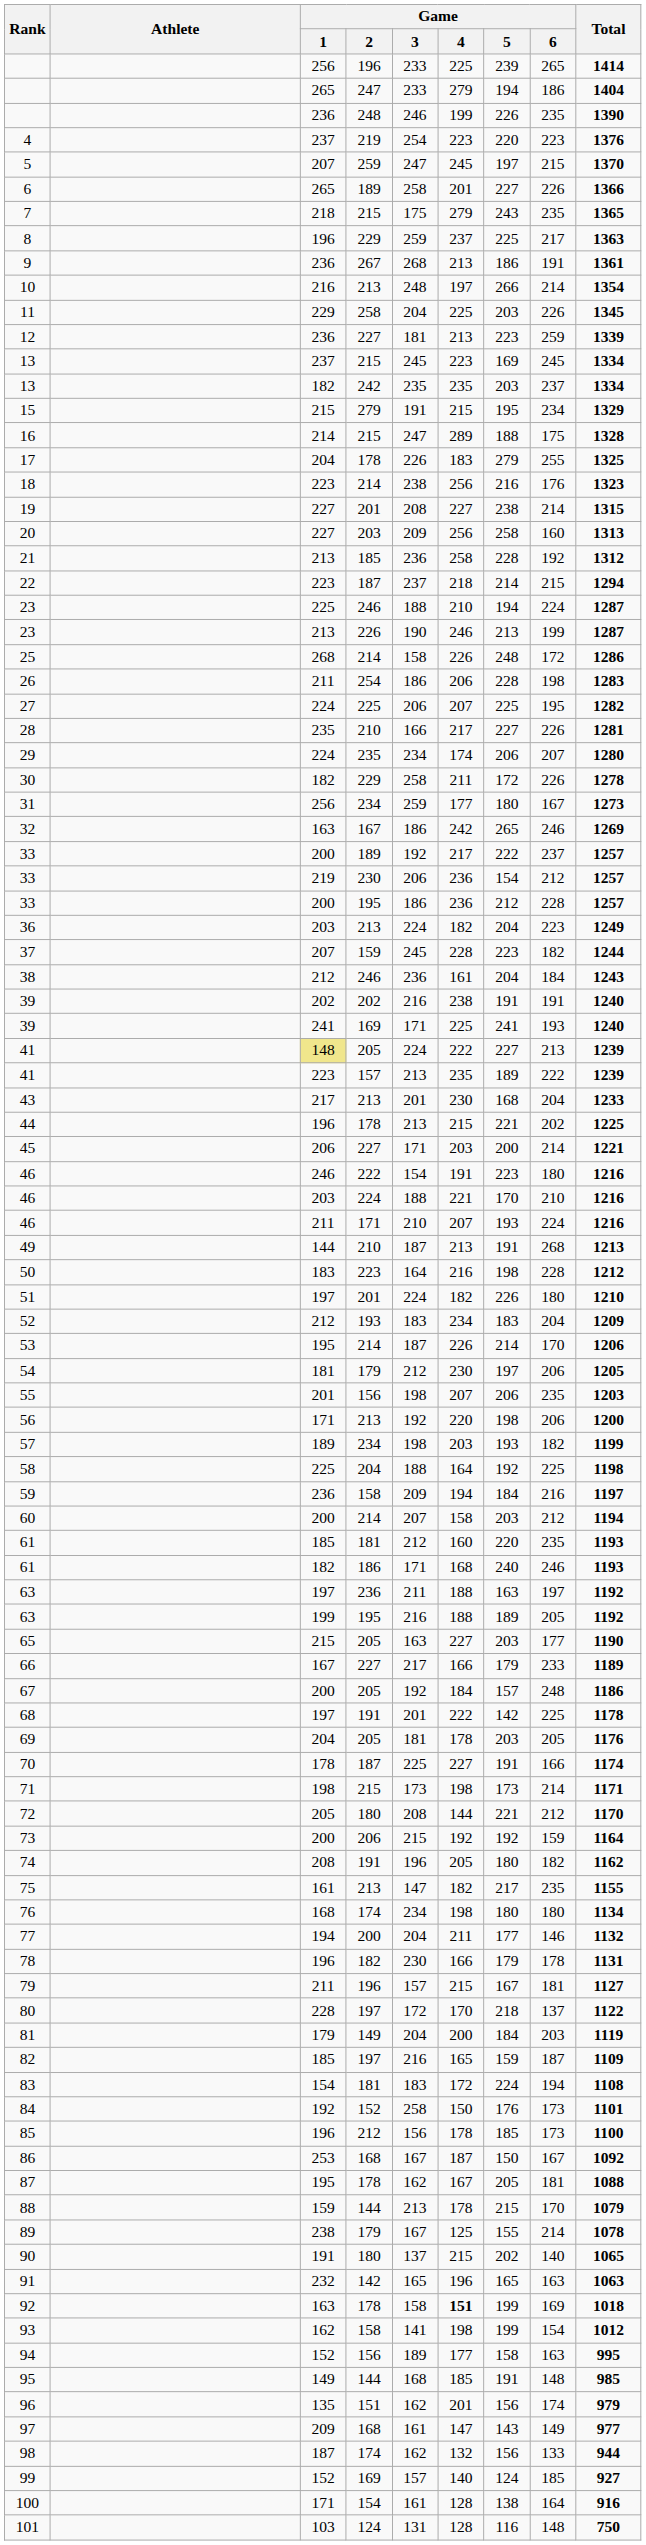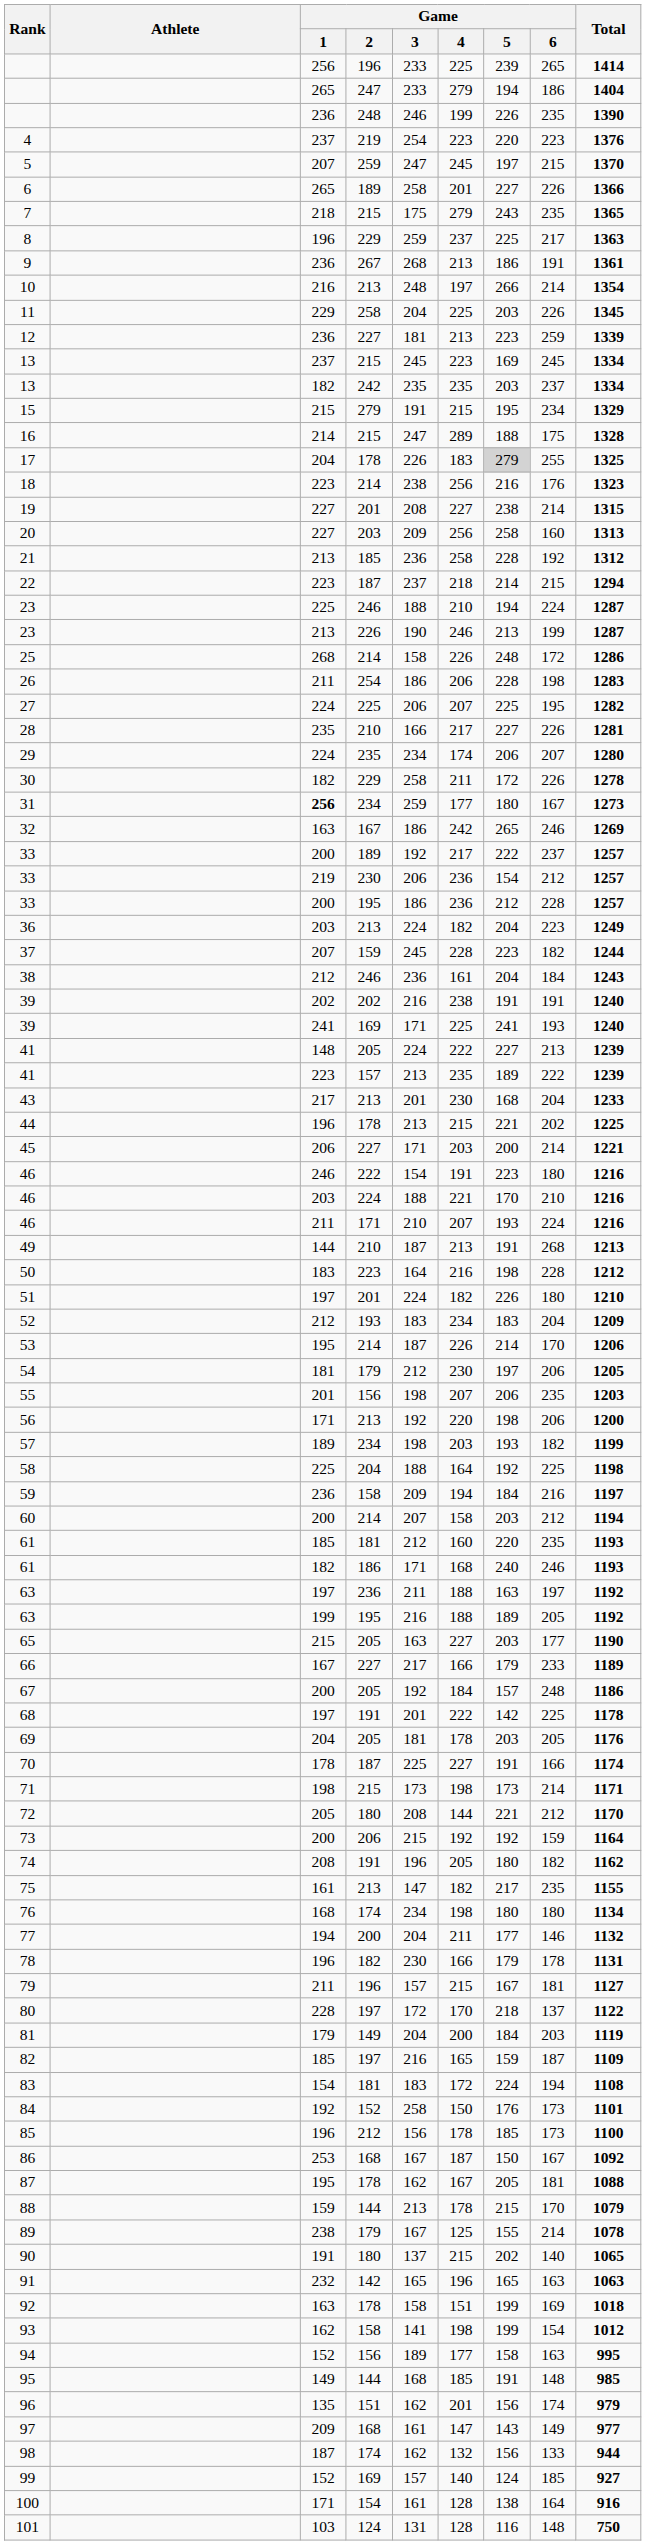 <table class=wikitable style="text-align:center">
 <tr>
 <th rowspan="2" width=40>Rank</th>
 <th rowspan="2" width=250>Athlete</th>
 <th colspan="6">Game</th>
 <th rowspan="2" width=60>Total</th>
 </tr>
 <tr>
 <th width=40>1</th>
 <th width=40>2</th>
 <th width=40>3</th>
 <th width=40>4</th>
 <th width=40>5</th>
 <th width=40>6</th>
 </tr>
 <tr>
 <td></td>
 <td align=left></td>
 <td>256</td>
 <td>196</td>
 <td>233</td>
 <td>225</td>
 <td>239</td>
 <td>265</td>
 <td><strong>1414</strong></td>
 </tr>
 <tr>
 <td></td>
 <td align=left></td>
 <td>265</td>
 <td>247</td>
 <td>233</td>
 <td>279</td>
 <td>194</td>
 <td>186</td>
 <td><strong>1404</strong></td>
 </tr>
 <tr>
 <td></td>
 <td align=left></td>
 <td>236</td>
 <td>248</td>
 <td>246</td>
 <td>199</td>
 <td>226</td>
 <td>235</td>
 <td><strong>1390</strong></td>
 </tr>
 <tr>
 <td>4</td>
 <td align=left></td>
 <td>237</td>
 <td>219</td>
 <td>254</td>
 <td>223</td>
 <td>220</td>
 <td>223</td>
 <td><strong>1376</strong></td>
 </tr>
 <tr>
 <td>5</td>
 <td align=left></td>
 <td>207</td>
 <td>259</td>
 <td>247</td>
 <td>245</td>
 <td>197</td>
 <td>215</td>
 <td><strong>1370</strong></td>
 </tr>
 <tr>
 <td>6</td>
 <td align=left></td>
 <td>265</td>
 <td>189</td>
 <td>258</td>
 <td>201</td>
 <td>227</td>
 <td>226</td>
 <td><strong>1366</strong></td>
 </tr>
 <tr>
 <td>7</td>
 <td align=left></td>
 <td>218</td>
 <td>215</td>
 <td>175</td>
 <td>279</td>
 <td>243</td>
 <td>235</td>
 <td><strong>1365</strong></td>
 </tr>
 <tr>
 <td>8</td>
 <td align=left></td>
 <td>196</td>
 <td>229</td>
 <td>259</td>
 <td>237</td>
 <td>225</td>
 <td>217</td>
 <td><strong>1363</strong></td>
 </tr>
 <tr>
 <td>9</td>
 <td align=left></td>
 <td>236</td>
 <td>267</td>
 <td>268</td>
 <td>213</td>
 <td>186</td>
 <td>191</td>
 <td><strong>1361</strong></td>
 </tr>
 <tr>
 <td>10</td>
 <td align=left></td>
 <td>216</td>
 <td>213</td>
 <td>248</td>
 <td>197</td>
 <td>266</td>
 <td>214</td>
 <td><strong>1354</strong></td>
 </tr>
 <tr>
 <td>11</td>
 <td align=left></td>
 <td>229</td>
 <td>258</td>
 <td>204</td>
 <td>225</td>
 <td>203</td>
 <td>226</td>
 <td><strong>1345</strong></td>
 </tr>
 <tr>
 <td>12</td>
 <td align=left></td>
 <td>236</td>
 <td>227</td>
 <td>181</td>
 <td>213</td>
 <td>223</td>
 <td>259</td>
 <td><strong>1339</strong></td>
 </tr>
 <tr>
 <td>13</td>
 <td align=left></td>
 <td>237</td>
 <td>215</td>
 <td>245</td>
 <td>223</td>
 <td>169</td>
 <td>245</td>
 <td><strong>1334</strong></td>
 </tr>
 <tr>
 <td>13</td>
 <td align=left></td>
 <td>182</td>
 <td>242</td>
 <td>235</td>
 <td>235</td>
 <td>203</td>
 <td>237</td>
 <td><strong>1334</strong></td>
 </tr>
 <tr>
 <td>15</td>
 <td align=left></td>
 <td>215</td>
 <td>279</td>
 <td>191</td>
 <td>215</td>
 <td>195</td>
 <td>234</td>
 <td><strong>1329</strong></td>
 </tr>
 <tr>
 <td>16</td>
 <td align=left></td>
 <td>214</td>
 <td>215</td>
 <td>247</td>
 <td>289</td>
 <td>188</td>
 <td>175</td>
 <td><strong>1328</strong></td>
 </tr>
 <tr>
 <td>17</td>
 <td align=left></td>
 <td>204</td>
 <td>178</td>
 <td>226</td>
 <td>183</td>
-<td>279</td>
+<td style="background: lightgrey;">279</td>
 <td>255</td>
 <td><strong>1325</strong></td>
 </tr>
 <tr>
 <td>18</td>
 <td align=left></td>
 <td>223</td>
 <td>214</td>
 <td>238</td>
 <td>256</td>
 <td>216</td>
 <td>176</td>
 <td><strong>1323</strong></td>
 </tr>
 <tr>
 <td>19</td>
 <td align=left></td>
 <td>227</td>
 <td>201</td>
 <td>208</td>
 <td>227</td>
 <td>238</td>
 <td>214</td>
 <td><strong>1315</strong></td>
 </tr>
 <tr>
 <td>20</td>
 <td align=left></td>
 <td>227</td>
 <td>203</td>
 <td>209</td>
 <td>256</td>
 <td>258</td>
 <td>160</td>
 <td><strong>1313</strong></td>
 </tr>
 <tr>
 <td>21</td>
 <td align=left></td>
 <td>213</td>
 <td>185</td>
 <td>236</td>
 <td>258</td>
 <td>228</td>
 <td>192</td>
 <td><strong>1312</strong></td>
 </tr>
 <tr>
 <td>22</td>
 <td align=left></td>
 <td>223</td>
 <td>187</td>
 <td>237</td>
 <td>218</td>
 <td>214</td>
 <td>215</td>
 <td><strong>1294</strong></td>
 </tr>
 <tr>
 <td>23</td>
 <td align=left></td>
 <td>225</td>
 <td>246</td>
 <td>188</td>
 <td>210</td>
 <td>194</td>
 <td>224</td>
 <td><strong>1287</strong></td>
 </tr>
 <tr>
 <td>23</td>
 <td align=left></td>
 <td>213</td>
 <td>226</td>
 <td>190</td>
 <td>246</td>
 <td>213</td>
 <td>199</td>
 <td><strong>1287</strong></td>
 </tr>
 <tr>
 <td>25</td>
 <td align=left></td>
 <td>268</td>
 <td>214</td>
 <td>158</td>
 <td>226</td>
 <td>248</td>
 <td>172</td>
 <td><strong>1286</strong></td>
 </tr>
 <tr>
 <td>26</td>
 <td align=left></td>
 <td>211</td>
 <td>254</td>
 <td>186</td>
 <td>206</td>
 <td>228</td>
 <td>198</td>
 <td><strong>1283</strong></td>
 </tr>
 <tr>
 <td>27</td>
 <td align=left></td>
 <td>224</td>
 <td>225</td>
 <td>206</td>
 <td>207</td>
 <td>225</td>
 <td>195</td>
 <td><strong>1282</strong></td>
 </tr>
 <tr>
 <td>28</td>
 <td align=left></td>
 <td>235</td>
 <td>210</td>
 <td>166</td>
 <td>217</td>
 <td>227</td>
 <td>226</td>
 <td><strong>1281</strong></td>
 </tr>
 <tr>
 <td>29</td>
 <td align=left></td>
 <td>224</td>
 <td>235</td>
 <td>234</td>
 <td>174</td>
 <td>206</td>
 <td>207</td>
 <td><strong>1280</strong></td>
 </tr>
 <tr>
 <td>30</td>
 <td align=left></td>
 <td>182</td>
 <td>229</td>
 <td>258</td>
 <td>211</td>
 <td>172</td>
 <td>226</td>
 <td><strong>1278</strong></td>
 </tr>
 <tr>
 <td>31</td>
 <td align=left></td>
-<td>256</td>
+<td><strong>256</strong></td>
 <td>234</td>
 <td>259</td>
 <td>177</td>
 <td>180</td>
 <td>167</td>
 <td><strong>1273</strong></td>
 </tr>
 <tr>
 <td>32</td>
 <td align=left></td>
 <td>163</td>
 <td>167</td>
 <td>186</td>
 <td>242</td>
 <td>265</td>
 <td>246</td>
 <td><strong>1269</strong></td>
 </tr>
 <tr>
 <td>33</td>
 <td align=left></td>
 <td>200</td>
 <td>189</td>
 <td>192</td>
 <td>217</td>
 <td>222</td>
 <td>237</td>
 <td><strong>1257</strong></td>
 </tr>
 <tr>
 <td>33</td>
 <td align=left></td>
 <td>219</td>
 <td>230</td>
 <td>206</td>
 <td>236</td>
 <td>154</td>
 <td>212</td>
 <td><strong>1257</strong></td>
 </tr>
 <tr>
 <td>33</td>
 <td align=left></td>
 <td>200</td>
 <td>195</td>
 <td>186</td>
 <td>236</td>
 <td>212</td>
 <td>228</td>
 <td><strong>1257</strong></td>
 </tr>
 <tr>
 <td>36</td>
 <td align=left></td>
 <td>203</td>
 <td>213</td>
 <td>224</td>
 <td>182</td>
 <td>204</td>
 <td>223</td>
 <td><strong>1249</strong></td>
 </tr>
 <tr>
 <td>37</td>
 <td align=left></td>
 <td>207</td>
 <td>159</td>
 <td>245</td>
 <td>228</td>
 <td>223</td>
 <td>182</td>
 <td><strong>1244</strong></td>
 </tr>
 <tr>
 <td>38</td>
 <td align=left></td>
 <td>212</td>
 <td>246</td>
 <td>236</td>
 <td>161</td>
 <td>204</td>
 <td>184</td>
 <td><strong>1243</strong></td>
 </tr>
 <tr>
 <td>39</td>
 <td align=left></td>
 <td>202</td>
 <td>202</td>
 <td>216</td>
 <td>238</td>
 <td>191</td>
 <td>191</td>
 <td><strong>1240</strong></td>
 </tr>
 <tr>
 <td>39</td>
 <td align=left></td>
 <td>241</td>
 <td>169</td>
 <td>171</td>
 <td>225</td>
 <td>241</td>
 <td>193</td>
 <td><strong>1240</strong></td>
 </tr>
 <tr>
 <td>41</td>
 <td align=left></td>
-<td style="background: khaki;">148</td>
+<td>148</td>
 <td>205</td>
 <td>224</td>
 <td>222</td>
 <td>227</td>
 <td>213</td>
 <td><strong>1239</strong></td>
 </tr>
 <tr>
 <td>41</td>
 <td align=left></td>
 <td>223</td>
 <td>157</td>
 <td>213</td>
 <td>235</td>
 <td>189</td>
 <td>222</td>
 <td><strong>1239</strong></td>
 </tr>
 <tr>
 <td>43</td>
 <td align=left></td>
 <td>217</td>
 <td>213</td>
 <td>201</td>
 <td>230</td>
 <td>168</td>
 <td>204</td>
 <td><strong>1233</strong></td>
 </tr>
 <tr>
 <td>44</td>
 <td align=left></td>
 <td>196</td>
 <td>178</td>
 <td>213</td>
 <td>215</td>
 <td>221</td>
 <td>202</td>
 <td><strong>1225</strong></td>
 </tr>
 <tr>
 <td>45</td>
 <td align=left></td>
 <td>206</td>
 <td>227</td>
 <td>171</td>
 <td>203</td>
 <td>200</td>
 <td>214</td>
 <td><strong>1221</strong></td>
 </tr>
 <tr>
 <td>46</td>
 <td align=left></td>
 <td>246</td>
 <td>222</td>
 <td>154</td>
 <td>191</td>
 <td>223</td>
 <td>180</td>
 <td><strong>1216</strong></td>
 </tr>
 <tr>
 <td>46</td>
 <td align=left></td>
 <td>203</td>
 <td>224</td>
 <td>188</td>
 <td>221</td>
 <td>170</td>
 <td>210</td>
 <td><strong>1216</strong></td>
 </tr>
 <tr>
 <td>46</td>
 <td align=left></td>
 <td>211</td>
 <td>171</td>
 <td>210</td>
 <td>207</td>
 <td>193</td>
 <td>224</td>
 <td><strong>1216</strong></td>
 </tr>
 <tr>
 <td>49</td>
 <td align=left></td>
 <td>144</td>
 <td>210</td>
 <td>187</td>
 <td>213</td>
 <td>191</td>
 <td>268</td>
 <td><strong>1213</strong></td>
 </tr>
 <tr>
 <td>50</td>
 <td align=left></td>
 <td>183</td>
 <td>223</td>
 <td>164</td>
 <td>216</td>
 <td>198</td>
 <td>228</td>
 <td><strong>1212</strong></td>
 </tr>
 <tr>
 <td>51</td>
 <td align=left></td>
 <td>197</td>
 <td>201</td>
 <td>224</td>
 <td>182</td>
 <td>226</td>
 <td>180</td>
 <td><strong>1210</strong></td>
 </tr>
 <tr>
 <td>52</td>
 <td align=left></td>
 <td>212</td>
 <td>193</td>
 <td>183</td>
 <td>234</td>
 <td>183</td>
 <td>204</td>
 <td><strong>1209</strong></td>
 </tr>
 <tr>
 <td>53</td>
 <td align=left></td>
 <td>195</td>
 <td>214</td>
 <td>187</td>
 <td>226</td>
 <td>214</td>
 <td>170</td>
 <td><strong>1206</strong></td>
 </tr>
 <tr>
 <td>54</td>
 <td align=left></td>
 <td>181</td>
 <td>179</td>
 <td>212</td>
 <td>230</td>
 <td>197</td>
 <td>206</td>
 <td><strong>1205</strong></td>
 </tr>
 <tr>
 <td>55</td>
 <td align=left></td>
 <td>201</td>
 <td>156</td>
 <td>198</td>
 <td>207</td>
 <td>206</td>
 <td>235</td>
 <td><strong>1203</strong></td>
 </tr>
 <tr>
 <td>56</td>
 <td align=left></td>
 <td>171</td>
 <td>213</td>
 <td>192</td>
 <td>220</td>
 <td>198</td>
 <td>206</td>
 <td><strong>1200</strong></td>
 </tr>
 <tr>
 <td>57</td>
 <td align=left></td>
 <td>189</td>
 <td>234</td>
 <td>198</td>
 <td>203</td>
 <td>193</td>
 <td>182</td>
 <td><strong>1199</strong></td>
 </tr>
 <tr>
 <td>58</td>
 <td align=left></td>
 <td>225</td>
 <td>204</td>
 <td>188</td>
 <td>164</td>
 <td>192</td>
 <td>225</td>
 <td><strong>1198</strong></td>
 </tr>
 <tr>
 <td>59</td>
 <td align=left></td>
 <td>236</td>
 <td>158</td>
 <td>209</td>
 <td>194</td>
 <td>184</td>
 <td>216</td>
 <td><strong>1197</strong></td>
 </tr>
 <tr>
 <td>60</td>
 <td align=left></td>
 <td>200</td>
 <td>214</td>
 <td>207</td>
 <td>158</td>
 <td>203</td>
 <td>212</td>
 <td><strong>1194</strong></td>
 </tr>
 <tr>
 <td>61</td>
 <td align=left></td>
 <td>185</td>
 <td>181</td>
 <td>212</td>
 <td>160</td>
 <td>220</td>
 <td>235</td>
 <td><strong>1193</strong></td>
 </tr>
 <tr>
 <td>61</td>
 <td align=left></td>
 <td>182</td>
 <td>186</td>
 <td>171</td>
 <td>168</td>
 <td>240</td>
 <td>246</td>
 <td><strong>1193</strong></td>
 </tr>
 <tr>
 <td>63</td>
 <td align=left></td>
 <td>197</td>
 <td>236</td>
 <td>211</td>
 <td>188</td>
 <td>163</td>
 <td>197</td>
 <td><strong>1192</strong></td>
 </tr>
 <tr>
 <td>63</td>
 <td align=left></td>
 <td>199</td>
 <td>195</td>
 <td>216</td>
 <td>188</td>
 <td>189</td>
 <td>205</td>
 <td><strong>1192</strong></td>
 </tr>
 <tr>
 <td>65</td>
 <td align=left></td>
 <td>215</td>
 <td>205</td>
 <td>163</td>
 <td>227</td>
 <td>203</td>
 <td>177</td>
 <td><strong>1190</strong></td>
 </tr>
 <tr>
 <td>66</td>
 <td align=left></td>
 <td>167</td>
 <td>227</td>
 <td>217</td>
 <td>166</td>
 <td>179</td>
 <td>233</td>
 <td><strong>1189</strong></td>
 </tr>
 <tr>
 <td>67</td>
 <td align=left></td>
 <td>200</td>
 <td>205</td>
 <td>192</td>
 <td>184</td>
 <td>157</td>
 <td>248</td>
 <td><strong>1186</strong></td>
 </tr>
 <tr>
 <td>68</td>
 <td align=left></td>
 <td>197</td>
 <td>191</td>
 <td>201</td>
 <td>222</td>
 <td>142</td>
 <td>225</td>
 <td><strong>1178</strong></td>
 </tr>
 <tr>
 <td>69</td>
 <td align=left></td>
 <td>204</td>
 <td>205</td>
 <td>181</td>
 <td>178</td>
 <td>203</td>
 <td>205</td>
 <td><strong>1176</strong></td>
 </tr>
 <tr>
 <td>70</td>
 <td align=left></td>
 <td>178</td>
 <td>187</td>
 <td>225</td>
 <td>227</td>
 <td>191</td>
 <td>166</td>
 <td><strong>1174</strong></td>
 </tr>
 <tr>
 <td>71</td>
 <td align=left></td>
 <td>198</td>
 <td>215</td>
 <td>173</td>
 <td>198</td>
 <td>173</td>
 <td>214</td>
 <td><strong>1171</strong></td>
 </tr>
 <tr>
 <td>72</td>
 <td align=left></td>
 <td>205</td>
 <td>180</td>
 <td>208</td>
 <td>144</td>
 <td>221</td>
 <td>212</td>
 <td><strong>1170</strong></td>
 </tr>
 <tr>
 <td>73</td>
 <td align=left></td>
 <td>200</td>
 <td>206</td>
 <td>215</td>
 <td>192</td>
 <td>192</td>
 <td>159</td>
 <td><strong>1164</strong></td>
 </tr>
 <tr>
 <td>74</td>
 <td align=left></td>
 <td>208</td>
 <td>191</td>
 <td>196</td>
 <td>205</td>
 <td>180</td>
 <td>182</td>
 <td><strong>1162</strong></td>
 </tr>
 <tr>
 <td>75</td>
 <td align=left></td>
 <td>161</td>
 <td>213</td>
 <td>147</td>
 <td>182</td>
 <td>217</td>
 <td>235</td>
 <td><strong>1155</strong></td>
 </tr>
 <tr>
 <td>76</td>
 <td align=left></td>
 <td>168</td>
 <td>174</td>
 <td>234</td>
 <td>198</td>
 <td>180</td>
 <td>180</td>
 <td><strong>1134</strong></td>
 </tr>
 <tr>
 <td>77</td>
 <td align=left></td>
 <td>194</td>
 <td>200</td>
 <td>204</td>
 <td>211</td>
 <td>177</td>
 <td>146</td>
 <td><strong>1132</strong></td>
 </tr>
 <tr>
 <td>78</td>
 <td align=left></td>
 <td>196</td>
 <td>182</td>
 <td>230</td>
 <td>166</td>
 <td>179</td>
 <td>178</td>
 <td><strong>1131</strong></td>
 </tr>
 <tr>
 <td>79</td>
 <td align=left></td>
 <td>211</td>
 <td>196</td>
 <td>157</td>
 <td>215</td>
 <td>167</td>
 <td>181</td>
 <td><strong>1127</strong></td>
 </tr>
 <tr>
 <td>80</td>
 <td align=left></td>
 <td>228</td>
 <td>197</td>
 <td>172</td>
 <td>170</td>
 <td>218</td>
 <td>137</td>
 <td><strong>1122</strong></td>
 </tr>
 <tr>
 <td>81</td>
 <td align=left></td>
 <td>179</td>
 <td>149</td>
 <td>204</td>
 <td>200</td>
 <td>184</td>
 <td>203</td>
 <td><strong>1119</strong></td>
 </tr>
 <tr>
 <td>82</td>
 <td align=left></td>
 <td>185</td>
 <td>197</td>
 <td>216</td>
 <td>165</td>
 <td>159</td>
 <td>187</td>
 <td><strong>1109</strong></td>
 </tr>
 <tr>
 <td>83</td>
 <td align=left></td>
 <td>154</td>
 <td>181</td>
 <td>183</td>
 <td>172</td>
 <td>224</td>
 <td>194</td>
 <td><strong>1108</strong></td>
 </tr>
 <tr>
 <td>84</td>
 <td align=left></td>
 <td>192</td>
 <td>152</td>
 <td>258</td>
 <td>150</td>
 <td>176</td>
 <td>173</td>
 <td><strong>1101</strong></td>
 </tr>
 <tr>
 <td>85</td>
 <td align=left></td>
 <td>196</td>
 <td>212</td>
 <td>156</td>
 <td>178</td>
 <td>185</td>
 <td>173</td>
 <td><strong>1100</strong></td>
 </tr>
 <tr>
 <td>86</td>
 <td align=left></td>
 <td>253</td>
 <td>168</td>
 <td>167</td>
 <td>187</td>
 <td>150</td>
 <td>167</td>
 <td><strong>1092</strong></td>
 </tr>
 <tr>
 <td>87</td>
 <td align=left></td>
 <td>195</td>
 <td>178</td>
 <td>162</td>
 <td>167</td>
 <td>205</td>
 <td>181</td>
 <td><strong>1088</strong></td>
 </tr>
 <tr>
 <td>88</td>
 <td align=left></td>
 <td>159</td>
 <td>144</td>
 <td>213</td>
 <td>178</td>
 <td>215</td>
 <td>170</td>
 <td><strong>1079</strong></td>
 </tr>
 <tr>
 <td>89</td>
 <td align=left></td>
 <td>238</td>
 <td>179</td>
 <td>167</td>
 <td>125</td>
 <td>155</td>
 <td>214</td>
 <td><strong>1078</strong></td>
 </tr>
 <tr>
 <td>90</td>
 <td align=left></td>
 <td>191</td>
 <td>180</td>
 <td>137</td>
 <td>215</td>
 <td>202</td>
 <td>140</td>
 <td><strong>1065</strong></td>
 </tr>
 <tr>
 <td>91</td>
 <td align=left></td>
 <td>232</td>
 <td>142</td>
 <td>165</td>
 <td>196</td>
 <td>165</td>
 <td>163</td>
 <td><strong>1063</strong></td>
 </tr>
 <tr>
 <td>92</td>
 <td align=left></td>
 <td>163</td>
 <td>178</td>
 <td>158</td>
-<td><strong>151</strong></td>
+<td>151</td>
 <td>199</td>
 <td>169</td>
 <td><strong>1018</strong></td>
 </tr>
 <tr>
 <td>93</td>
 <td align=left></td>
 <td>162</td>
 <td>158</td>
 <td>141</td>
 <td>198</td>
 <td>199</td>
 <td>154</td>
 <td><strong>1012</strong></td>
 </tr>
 <tr>
 <td>94</td>
 <td align=left></td>
 <td>152</td>
 <td>156</td>
 <td>189</td>
 <td>177</td>
 <td>158</td>
 <td>163</td>
 <td><strong>995</strong></td>
 </tr>
 <tr>
 <td>95</td>
 <td align=left></td>
 <td>149</td>
 <td>144</td>
 <td>168</td>
 <td>185</td>
 <td>191</td>
 <td>148</td>
 <td><strong>985</strong></td>
 </tr>
 <tr>
 <td>96</td>
 <td align=left></td>
 <td>135</td>
 <td>151</td>
 <td>162</td>
 <td>201</td>
 <td>156</td>
 <td>174</td>
 <td><strong>979</strong></td>
 </tr>
 <tr>
 <td>97</td>
 <td align=left></td>
 <td>209</td>
 <td>168</td>
 <td>161</td>
 <td>147</td>
 <td>143</td>
 <td>149</td>
 <td><strong>977</strong></td>
 </tr>
 <tr>
 <td>98</td>
 <td align=left></td>
 <td>187</td>
 <td>174</td>
 <td>162</td>
 <td>132</td>
 <td>156</td>
 <td>133</td>
 <td><strong>944</strong></td>
 </tr>
 <tr>
 <td>99</td>
 <td align=left></td>
 <td>152</td>
 <td>169</td>
 <td>157</td>
 <td>140</td>
 <td>124</td>
 <td>185</td>
 <td><strong>927</strong></td>
 </tr>
 <tr>
 <td>100</td>
 <td align=left></td>
 <td>171</td>
 <td>154</td>
 <td>161</td>
 <td>128</td>
 <td>138</td>
 <td>164</td>
 <td><strong>916</strong></td>
 </tr>
 <tr>
 <td>101</td>
 <td align=left></td>
 <td>103</td>
 <td>124</td>
 <td>131</td>
 <td>128</td>
 <td>116</td>
 <td>148</td>
 <td><strong>750</strong></td>
 </tr>
 </table>
